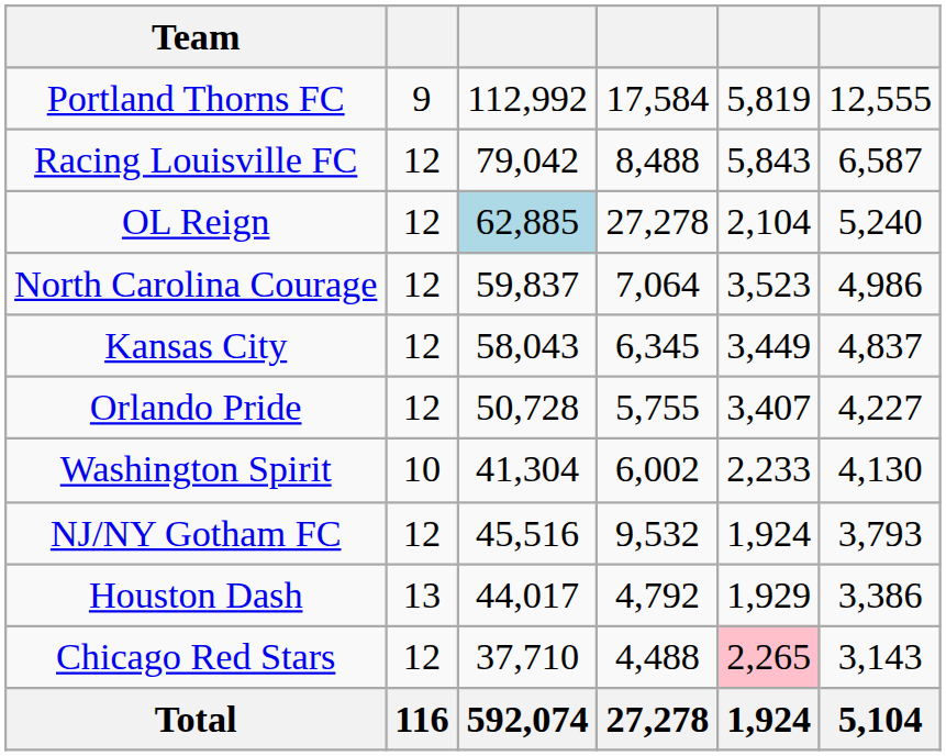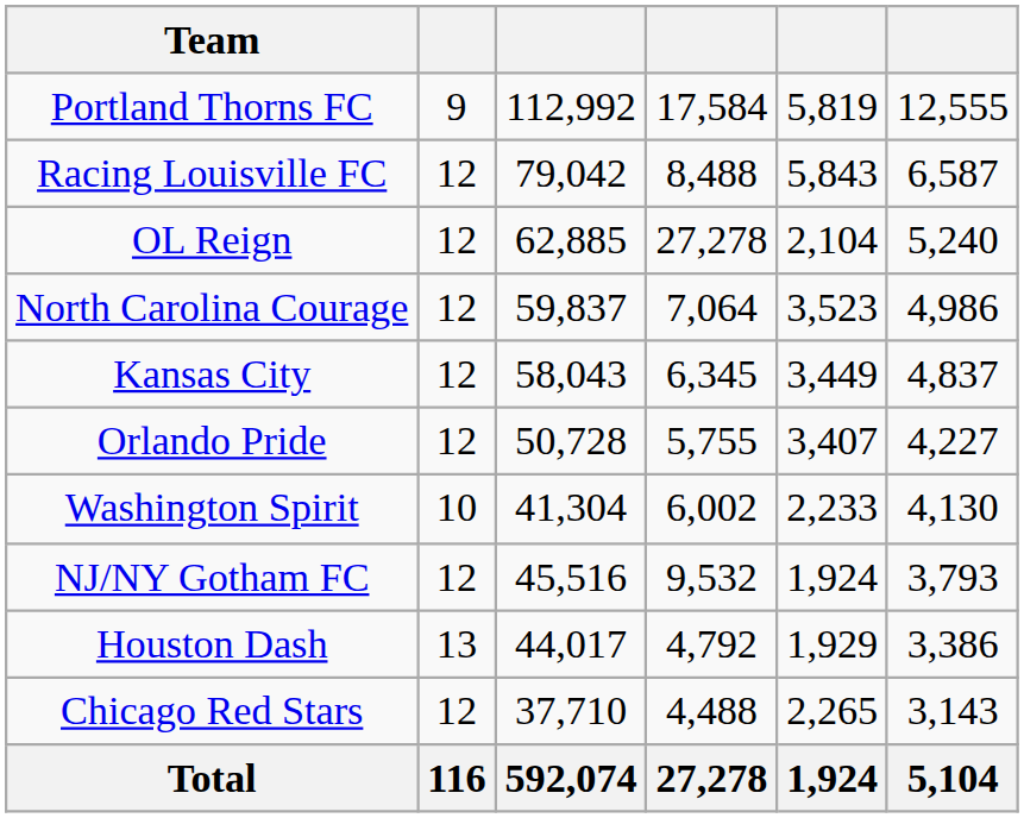 <table class="wikitable sortable" style="font-size: 95%;text-align: center;">
 <tr>
 <th>Team</th>
 <th></th>
 <th></th>
 <th></th>
 <th></th>
 <th></th>
 </tr>
 <tr>
 <td><a href='#'>Portland Thorns FC</a></td>
 <td>9</td>
 <td>112,992</td>
 <td>17,584</td>
 <td>5,819</td>
 <td>12,555</td>
 </tr>
 <tr>
 <td><a href='#'>Racing Louisville FC</a></td>
 <td>12</td>
 <td>79,042</td>
 <td>8,488</td>
 <td>5,843</td>
 <td>6,587</td>
 </tr>
 <tr>
 <td><a href='#'>OL Reign</a></td>
 <td>12</td>
-<td style="background: lightblue;">62,885</td>
+<td>62,885</td>
 <td>27,278</td>
 <td>2,104</td>
 <td>5,240</td>
 </tr>
 <tr>
 <td><a href='#'>North Carolina Courage</a></td>
 <td>12</td>
 <td>59,837</td>
 <td>7,064</td>
 <td>3,523</td>
 <td>4,986</td>
 </tr>
 <tr>
 <td><a href='#'>Kansas City</a></td>
 <td>12</td>
 <td>58,043</td>
 <td>6,345</td>
 <td>3,449</td>
 <td>4,837</td>
 </tr>
 <tr>
 <td><a href='#'>Orlando Pride</a></td>
 <td>12</td>
 <td>50,728</td>
 <td>5,755</td>
 <td>3,407</td>
 <td>4,227</td>
 </tr>
 <tr>
 <td><a href='#'>Washington Spirit</a></td>
 <td>10</td>
 <td>41,304</td>
 <td>6,002</td>
 <td>2,233</td>
 <td>4,130</td>
 </tr>
 <tr>
 <td><a href='#'>NJ/NY Gotham FC</a></td>
 <td>12</td>
 <td>45,516</td>
 <td>9,532</td>
 <td>1,924</td>
 <td>3,793</td>
 </tr>
 <tr>
 <td><a href='#'>Houston Dash</a></td>
 <td>13</td>
 <td>44,017</td>
 <td>4,792</td>
 <td>1,929</td>
 <td>3,386</td>
 </tr>
 <tr>
 <td><a href='#'>Chicago Red Stars</a></td>
 <td>12</td>
 <td>37,710</td>
 <td>4,488</td>
-<td style="background: pink;">2,265</td>
+<td>2,265</td>
 <td>3,143</td>
 </tr>
 <tr>
 <th>Total</th>
 <th>116</th>
 <th>592,074</th>
 <th>27,278</th>
 <th>1,924</th>
 <th>5,104</th>
 </tr>
 </table>
